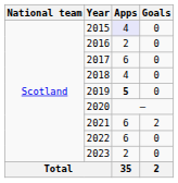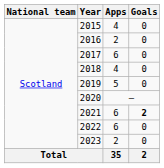 <table class="wikitable" style="text-align:center">
 <tr>
 <th>National team</th>
 <th>Year</th>
 <th>Apps</th>
 <th>Goals</th>
 </tr>
 <tr>
 <td rowspan="9"><a href='#'>Scotland</a></td>
 <td>2015</td>
-<td style="background: lavender;">4</td>
+<td>4</td>
 <td>0</td>
 </tr>
 <tr>
 <td>2016</td>
 <td>2</td>
 <td>0</td>
 </tr>
 <tr>
 <td>2017</td>
 <td>6</td>
 <td>0</td>
 </tr>
 <tr>
 <td>2018</td>
 <td>4</td>
 <td>0</td>
 </tr>
 <tr>
 <td>2019</td>
-<td><strong>5</strong></td>
+<td>5</td>
 <td>0</td>
 </tr>
 <tr>
 <td>2020</td>
 <td colspan=2>—</td>
 </tr>
 <tr>
 <td>2021</td>
 <td>6</td>
-<td>2</td>
+<td><strong>2</strong></td>
 </tr>
 <tr>
 <td>2022</td>
 <td>6</td>
 <td>0</td>
 </tr>
 <tr>
 <td>2023</td>
 <td>2</td>
 <td>0</td>
 </tr>
 <tr>
 <th colspan=2>Total</th>
 <th>35</th>
 <th>2</th>
 </tr>
 </table>
